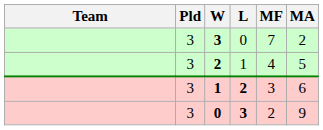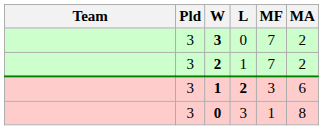 <table class=wikitable style="text-align:center">
 <tr>
 <th width=175>Team</th>
 <th width=20>Pld</th>
 <th width=20>W</th>
 <th width=20>L</th>
 <th width=20>MF</th>
 <th width=20>MA</th>
 </tr>
 <tr bgcolor=ccffcc>
 <td style="text-align:left"></td>
 <td>3</td>
 <td><strong>3</strong></td>
 <td>0</td>
 <td>7</td>
 <td>2</td>
 </tr>
 <tr bgcolor=ccffcc style="border-bottom:2px solid green;">
 <td style="text-align:left"></td>
 <td>3</td>
 <td><strong>2</strong></td>
 <td>1</td>
-<td>4</td>
-<td>5</td>
+<td>7</td>
+<td>2</td>
 </tr>
 <tr bgcolor=ffcccc>
 <td style="text-align:left"></td>
 <td>3</td>
 <td><strong>1</strong></td>
 <td><strong>2</strong></td>
 <td>3</td>
 <td>6</td>
 </tr>
 <tr bgcolor=ffcccc>
 <td style="text-align:left"></td>
 <td>3</td>
 <td><strong>0</strong></td>
-<td><strong>3</strong></td>
-<td>2</td>
-<td>9</td>
+<td>3</td>
+<td>1</td>
+<td>8</td>
 </tr>
 </table>
